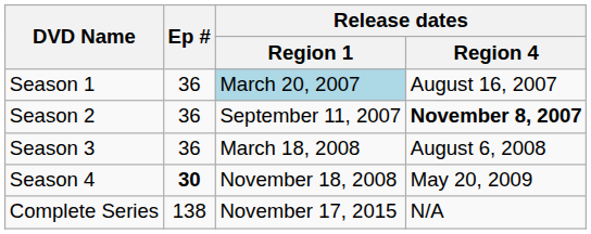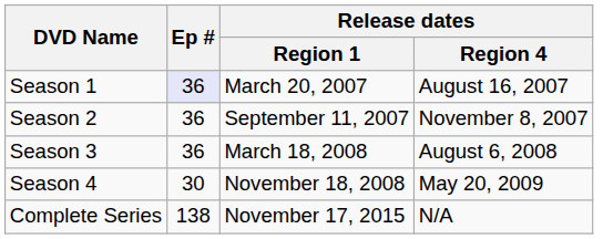 <table class="wikitable">
 <tr>
 <th rowspan="2">DVD Name</th>
 <th rowspan="2">Ep #</th>
 <th colspan="2">Release dates</th>
 </tr>
 <tr>
 <th>Region 1</th>
 <th>Region 4</th>
 </tr>
 <tr>
 <td>Season 1</td>
-<td align="center">36</td>
-<td style="background: lightblue;">March 20, 2007</td>
+<td align="center" style="background: lavender;">36</td>
+<td>March 20, 2007</td>
 <td>August 16, 2007</td>
 </tr>
 <tr>
 <td>Season 2</td>
 <td align="center">36</td>
 <td>September 11, 2007</td>
-<td><strong>November 8, 2007</strong></td>
+<td>November 8, 2007</td>
 </tr>
 <tr>
 <td>Season 3</td>
 <td Align="center">36</td>
 <td>March 18, 2008</td>
 <td>August 6, 2008</td>
 </tr>
 <tr>
 <td>Season 4</td>
-<td Align="center"><strong>30</strong></td>
+<td Align="center">30</td>
 <td>November 18, 2008</td>
 <td>May 20, 2009</td>
 </tr>
 <tr>
 <td>Complete Series</td>
 <td Align="center">138</td>
 <td>November 17, 2015</td>
 <td>N/A</td>
 </tr>
 </table>
